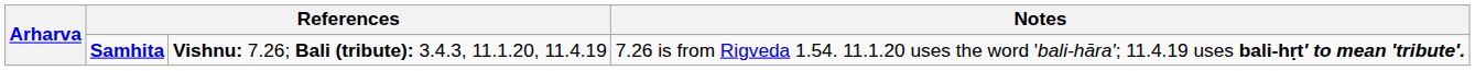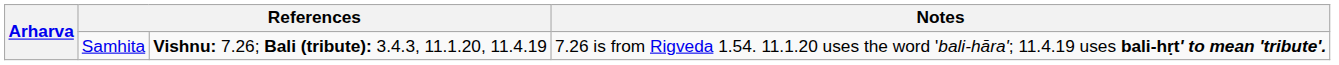 <table class="wikitable">
 <tr>
 <th rowspan="2"><a href='#'>Arharva</a></th>
 <th colspan="2">References</th>
 <th>Notes</th>
 </tr>
 <tr>
-<td><strong><a href='#'>Samhita</a></strong></td>
+<td><a href='#'>Samhita</a></td>
 <td><strong>Vishnu:</strong> 7.26; <strong>Bali (tribute):</strong> 3.4.3, 11.1.20, 11.4.19</td>
 <td>7.26 is from <a href='#'>Rigveda</a> 1.54. 11.1.20 uses the word '<em>bali-hāra'</em>; 11.4.19 uses <strong>bali-hṛt<em>' to mean 'tribute'.</td>
 </tr>
 </table>
